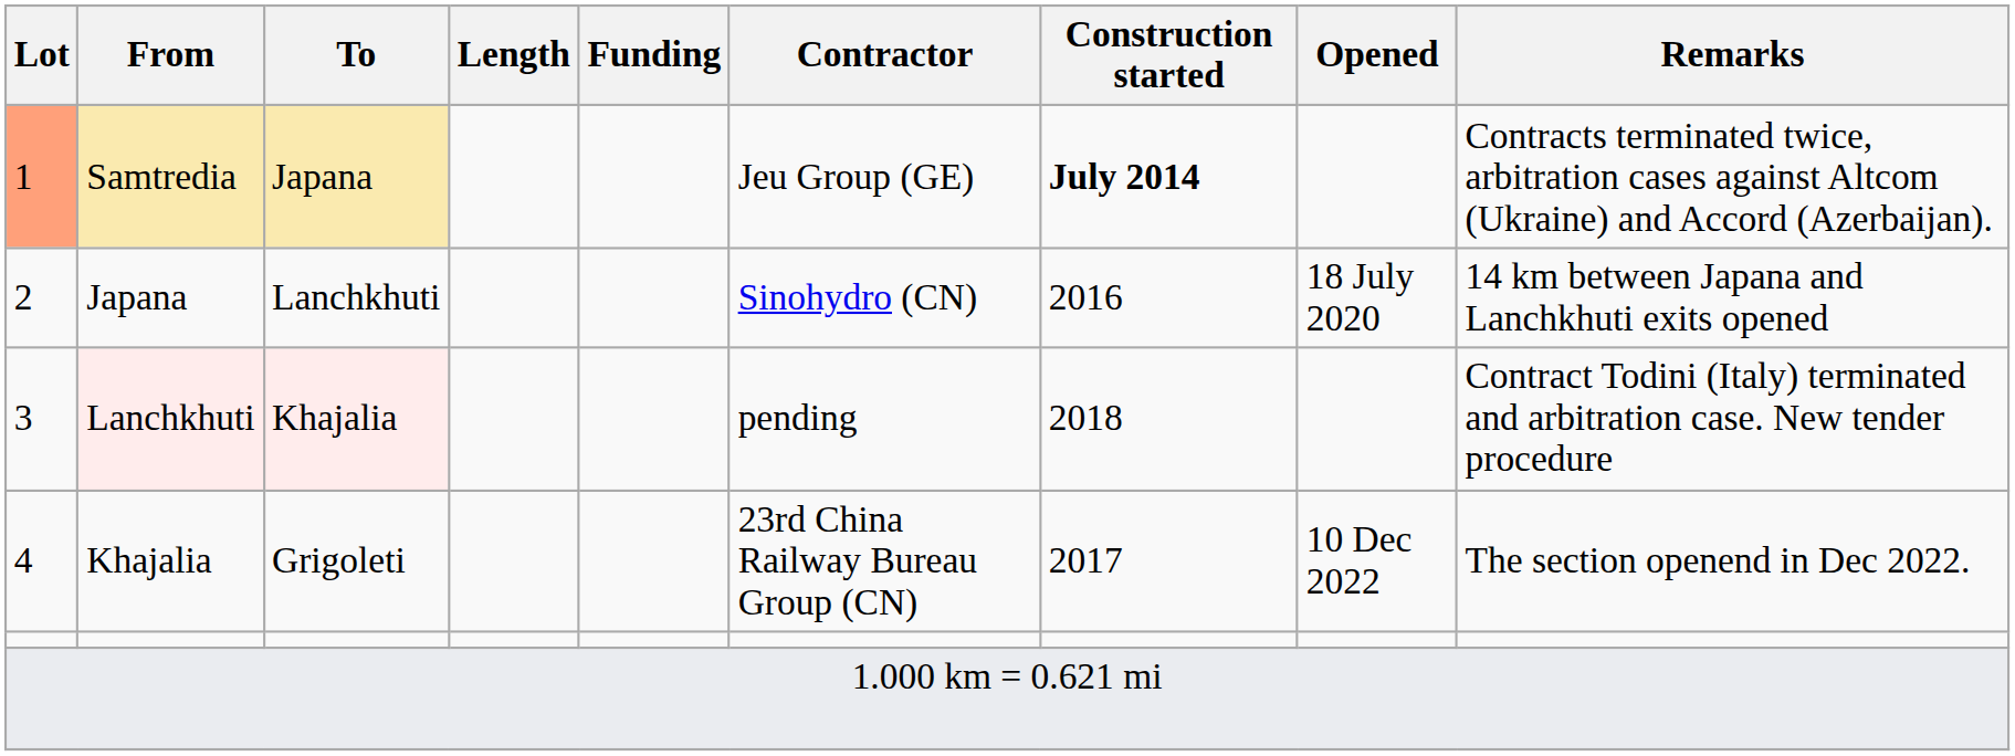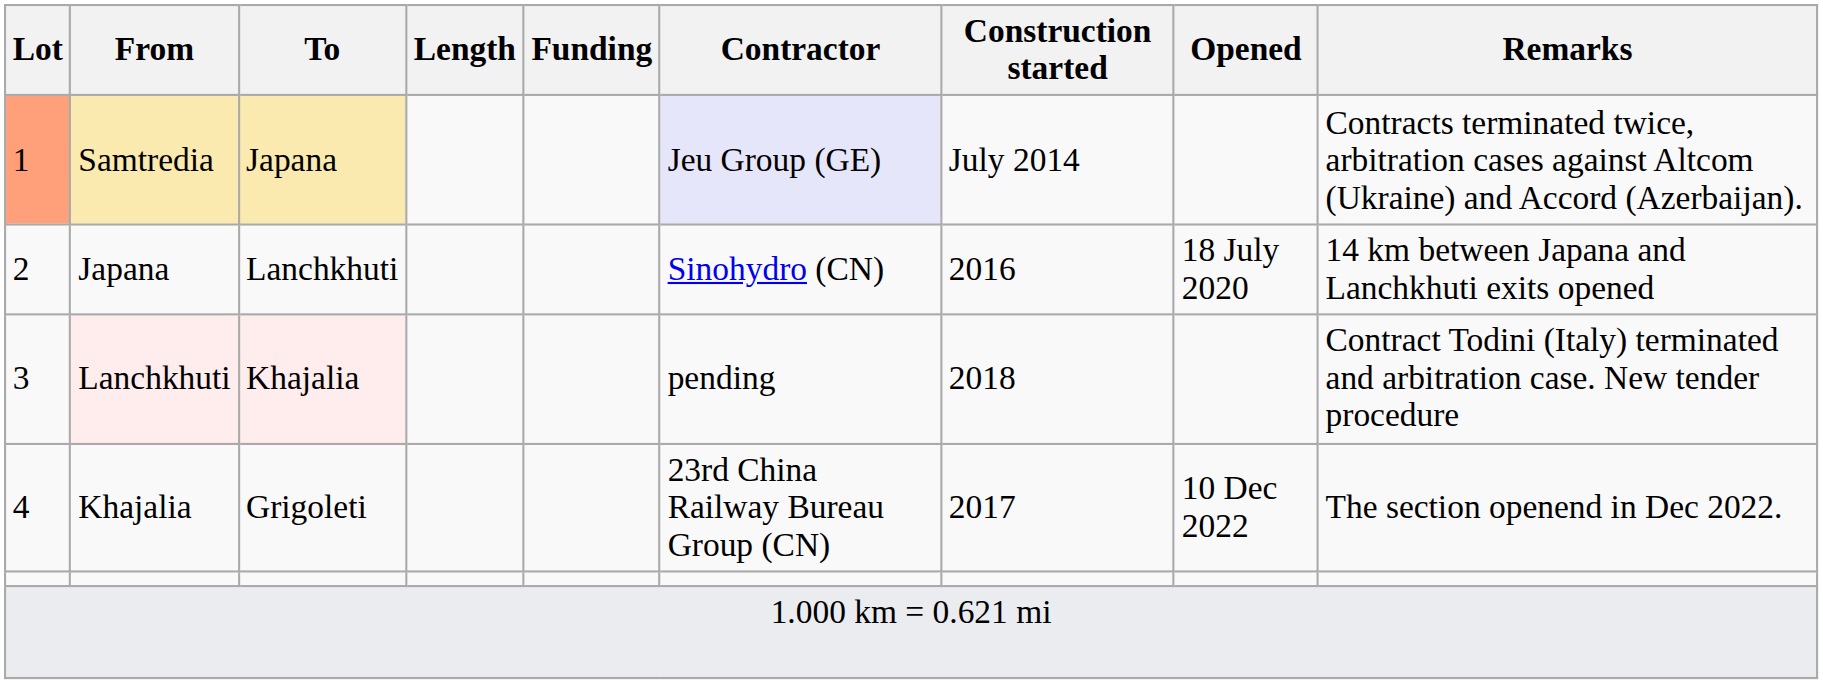 <table class="wikitable">
 <tr>
 <th>Lot</th>
 <th>From</th>
 <th>To</th>
 <th>Length</th>
 <th>Funding</th>
 <th>Contractor</th>
 <th>Construction started</th>
 <th>Opened</th>
 <th>Remarks</th>
 </tr>
 <tr>
 <td style="background: lightsalmon;">1</td>
 <td style="background-color:#faeaaf;">Samtredia</td>
 <td style="background-color:#faeaaf;">Japana</td>
 <td></td>
 <td></td>
-<td>Jeu Group (GE)</td>
-<td><strong>July 2014</strong></td>
+<td style="background: lavender;">Jeu Group (GE)</td>
+<td>July 2014</td>
 <td></td>
 <td>Contracts terminated twice, arbitration cases against Altcom (Ukraine) and Accord (Azerbaijan).</td>
 </tr>
 <tr>
 <td>2</td>
 <td>Japana</td>
 <td>Lanchkhuti</td>
 <td></td>
 <td></td>
 <td><a href='#'>Sinohydro</a> (CN)</td>
 <td>2016</td>
 <td>18 July 2020</td>
 <td>14 km between Japana and Lanchkhuti exits opened</td>
 </tr>
 <tr>
 <td>3</td>
 <td style="background-color:#FFECEC;">Lanchkhuti</td>
 <td style="background-color:#FFECEC;">Khajalia</td>
 <td></td>
 <td></td>
 <td>pending</td>
 <td>2018</td>
 <td></td>
 <td>Contract Todini (Italy) terminated and arbitration case. New tender procedure</td>
 </tr>
 <tr>
 <td>4</td>
 <td>Khajalia</td>
 <td>Grigoleti</td>
 <td></td>
 <td></td>
 <td>23rd China Railway Bureau Group (CN)</td>
 <td>2017</td>
 <td>10 Dec 2022</td>
 <td>The section openend in Dec 2022.</td>
 </tr>
 <tr>
 <td></td>
 <td></td>
 <td></td>
 <td><strong></strong></td>
 <td></td>
 <td></td>
 <td></td>
 <td></td>
 <td></td>
 </tr>
 <tr>
 <td colspan=9 class="wikitable" style="align:center;text-align:center;background-color:#eaecf0">1.000 km = 0.621 mi<br><br></td>
 </tr>
 <tr>
 </tr>
 </table>
